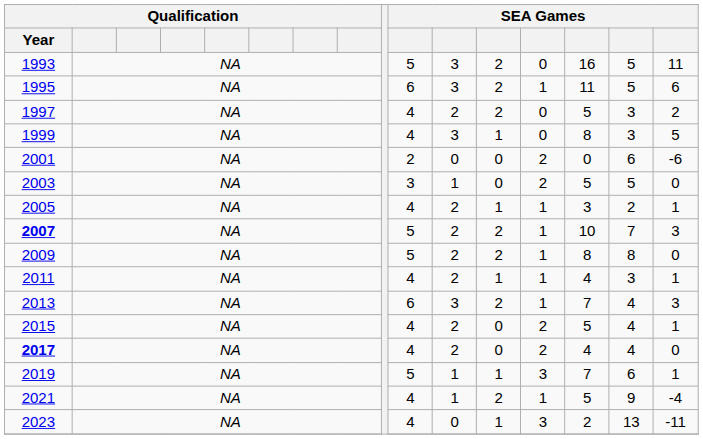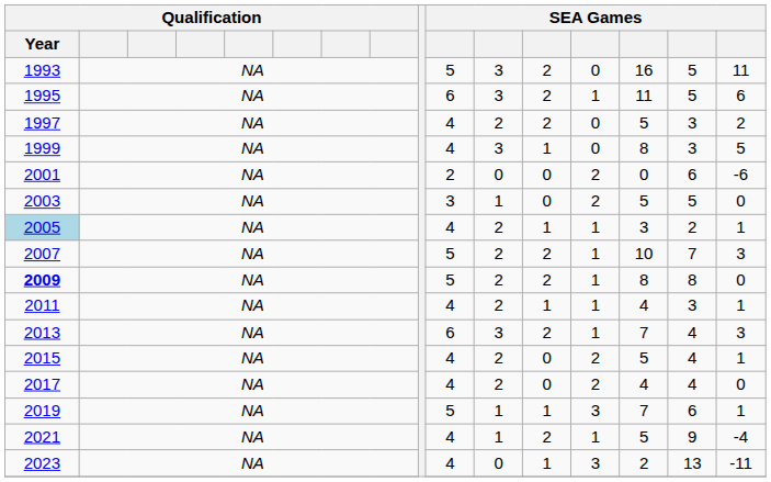 <table class="wikitable" style="text-align: center;">
 <tr>
 <th colspan=8>Qualification</th>
 <th style="width:1%;" rowspan="22"></th>
 <th colspan=7>SEA Games</th>
 </tr>
 <tr>
 <th width=50>Year</th>
 <th width=30></th>
 <th width=30></th>
 <th width=30></th>
 <th width=30></th>
 <th width=30></th>
 <th width=30></th>
 <th width=30></th>
 <th width=30></th>
 <th width=30></th>
 <th width=30></th>
 <th width=30></th>
 <th width=30></th>
 <th width=30></th>
 <th width=30></th>
 </tr>
 <tr>
 <td> <a href='#'>1993</a></td>
 <td colspan=8><em>NA</em></td>
 <td>5</td>
 <td>3</td>
 <td>2</td>
 <td>0</td>
 <td>16</td>
 <td>5</td>
 <td>11</td>
 </tr>
 <tr>
 <td> <a href='#'>1995</a></td>
 <td colspan=8><em>NA</em></td>
 <td>6</td>
 <td>3</td>
 <td>2</td>
 <td>1</td>
 <td>11</td>
 <td>5</td>
 <td>6</td>
 </tr>
 <tr>
 <td> <a href='#'>1997</a></td>
 <td colspan=8><em>NA</em></td>
 <td>4</td>
 <td>2</td>
 <td>2</td>
 <td>0</td>
 <td>5</td>
 <td>3</td>
 <td>2</td>
 </tr>
 <tr>
 <td> <a href='#'>1999</a></td>
 <td colspan=8><em>NA</em></td>
 <td>4</td>
 <td>3</td>
 <td>1</td>
 <td>0</td>
 <td>8</td>
 <td>3</td>
 <td>5</td>
 </tr>
 <tr>
 <td> <a href='#'>2001</a></td>
 <td colspan=8><em>NA</em></td>
 <td>2</td>
 <td>0</td>
 <td>0</td>
 <td>2</td>
 <td>0</td>
 <td>6</td>
 <td>-6</td>
 </tr>
 <tr>
 <td> <a href='#'>2003</a></td>
 <td colspan=8><em>NA</em></td>
 <td>3</td>
 <td>1</td>
 <td>0</td>
 <td>2</td>
 <td>5</td>
 <td>5</td>
 <td>0</td>
 </tr>
 <tr>
-<td> <a href='#'>2005</a></td>
+<td style="background: lightblue;"> <a href='#'>2005</a></td>
 <td colspan=8><em>NA</em></td>
 <td>4</td>
 <td>2</td>
 <td>1</td>
 <td>1</td>
 <td>3</td>
 <td>2</td>
 <td>1</td>
 </tr>
 <tr>
-<td><strong> <a href='#'>2007</a></strong></td>
+<td> <a href='#'>2007</a></td>
 <td colspan=8><em>NA</em></td>
 <td>5</td>
 <td>2</td>
 <td>2</td>
 <td>1</td>
 <td>10</td>
 <td>7</td>
 <td>3</td>
 </tr>
 <tr>
-<td> <a href='#'>2009</a></td>
+<td><strong> <a href='#'>2009</a></strong></td>
 <td colspan=8><em>NA</em></td>
 <td>5</td>
 <td>2</td>
 <td>2</td>
 <td>1</td>
 <td>8</td>
 <td>8</td>
 <td>0</td>
 </tr>
 <tr>
 <td> <a href='#'>2011</a></td>
 <td colspan=8><em>NA</em></td>
 <td>4</td>
 <td>2</td>
 <td>1</td>
 <td>1</td>
 <td>4</td>
 <td>3</td>
 <td>1</td>
 </tr>
 <tr>
 <td> <a href='#'>2013</a></td>
 <td colspan=8><em>NA</em></td>
 <td>6</td>
 <td>3</td>
 <td>2</td>
 <td>1</td>
 <td>7</td>
 <td>4</td>
 <td>3</td>
 </tr>
 <tr>
 <td> <a href='#'>2015</a></td>
 <td colspan=8><em>NA</em></td>
 <td>4</td>
 <td>2</td>
 <td>0</td>
 <td>2</td>
 <td>5</td>
 <td>4</td>
 <td>1</td>
 </tr>
 <tr>
-<td><strong> <a href='#'>2017</a></strong></td>
+<td> <a href='#'>2017</a></td>
 <td colspan=8><em>NA</em></td>
 <td>4</td>
 <td>2</td>
 <td>0</td>
 <td>2</td>
 <td>4</td>
 <td>4</td>
 <td>0</td>
 </tr>
 <tr>
 <td> <a href='#'>2019</a></td>
 <td colspan=8><em>NA</em></td>
 <td>5</td>
 <td>1</td>
 <td>1</td>
 <td>3</td>
 <td>7</td>
 <td>6</td>
 <td>1</td>
 </tr>
 <tr>
 <td> <a href='#'>2021</a></td>
 <td colspan=8><em>NA</em></td>
 <td>4</td>
 <td>1</td>
 <td>2</td>
 <td>1</td>
 <td>5</td>
 <td>9</td>
 <td>-4</td>
 </tr>
 <tr>
 <td> <a href='#'>2023</a></td>
 <td colspan=8><em>NA</em></td>
 <td>4</td>
 <td>0</td>
 <td>1</td>
 <td>3</td>
 <td>2</td>
 <td>13</td>
 <td>-11</td>
 </tr>
 <tr>
 </tr>
 </table>
